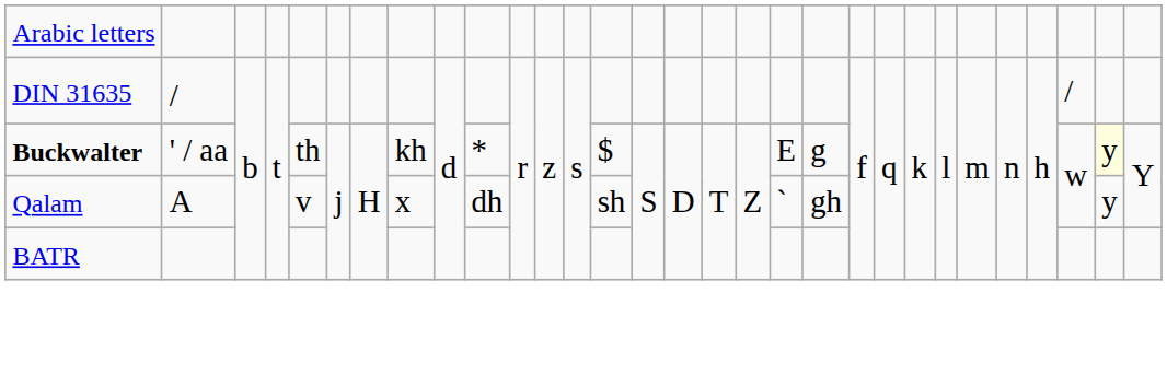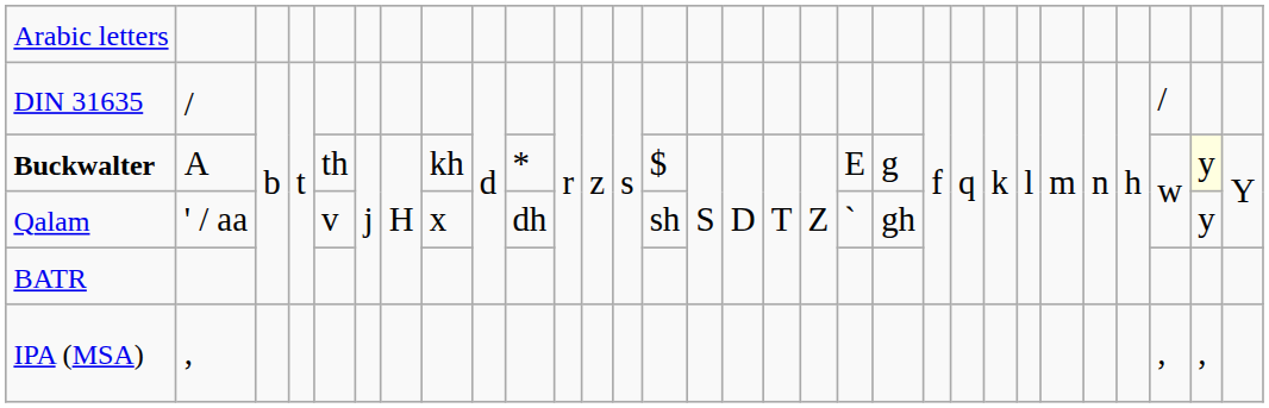 <table class="wikitable" style="font-size: 110%">
 <tr>
 <td><small><a href='#'>Arabic letters</a></small></td>
 <td></td>
 <td></td>
 <td></td>
 <td></td>
 <td></td>
 <td></td>
 <td></td>
 <td></td>
 <td></td>
 <td></td>
 <td></td>
 <td></td>
 <td></td>
 <td></td>
 <td></td>
 <td></td>
 <td></td>
 <td></td>
 <td></td>
 <td></td>
 <td></td>
 <td></td>
 <td></td>
 <td></td>
 <td></td>
 <td></td>
 <td></td>
 <td></td>
 <td>‎</td>
 </tr>
 <tr>
 <td><small><a href='#'>DIN 31635</a></small></td>
 <td><big><big></big></big> / </td>
 <td rowspan="4">b</td>
 <td rowspan="4">t</td>
 <td></td>
 <td></td>
 <td></td>
 <td></td>
 <td rowspan="4">d</td>
 <td></td>
 <td rowspan="4">r</td>
 <td rowspan="4">z</td>
 <td rowspan="4">s</td>
 <td></td>
 <td></td>
 <td></td>
 <td></td>
 <td></td>
 <td><big><big></big></big></td>
 <td></td>
 <td rowspan="4">f</td>
 <td rowspan="4">q</td>
 <td rowspan="4">k</td>
 <td rowspan="4">l</td>
 <td rowspan="4">m</td>
 <td rowspan="4">n</td>
 <td rowspan="4">h</td>
 <td> / </td>
 <td></td>
 <td></td>
 </tr>
 <tr>
 <td><small><strong>Buckwalter</strong></small></td>
-<td>' / aa</td>
+<td>A</td>
 <td>th</td>
 <td rowspan="3">j</td>
 <td rowspan="3">H</td>
 <td>kh</td>
 <td>*</td>
 <td>$</td>
 <td rowspan="3">S</td>
 <td rowspan="3">D</td>
 <td rowspan="3">T</td>
 <td rowspan="3">Z</td>
 <td>E</td>
 <td>g</td>
 <td rowspan="2">w</td>
 <td style="background: lightyellow;">y</td>
 <td rowspan="2">Y</td>
 </tr>
 <tr>
 <td><small><a href='#'>Qalam</a></small></td>
-<td>A</td>
+<td>' / aa</td>
 <td>v</td>
 <td>x</td>
 <td>dh</td>
 <td>sh</td>
 <td>`</td>
 <td>gh</td>
 <td>y</td>
 </tr>
 <tr>
 <td><small><a href='#'>BATR</a></small></td>
 <td></td>
 <td></td>
 <td></td>
 <td></td>
 <td></td>
 <td></td>
 <td></td>
 <td></td>
 <td></td>
 <td></td>
 </tr>
+<tr>
+<td><small><a href='#'>IPA</a> (<a href='#'>MSA</a>)</small></td>
+<td>, </td>
+<td></td>
+<td></td>
+<td></td>
+<td><br><br></td>
+<td></td>
+<td></td>
+<td></td>
+<td></td>
+<td></td>
+<td></td>
+<td></td>
+<td></td>
+<td></td>
+<td></td>
+<td></td>
+<td><br></td>
+<td></td>
+<td></td>
+<td></td>
+<td></td>
+<td></td>
+<td></td>
+<td></td>
+<td></td>
+<td></td>
+<td>, </td>
+<td>, </td>
+<td></td>
+</tr>
 </table>
